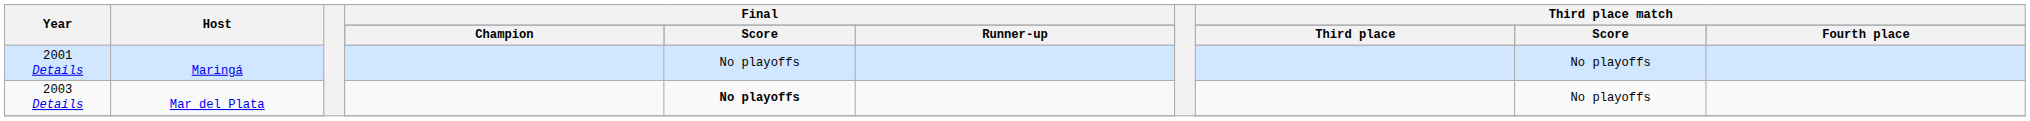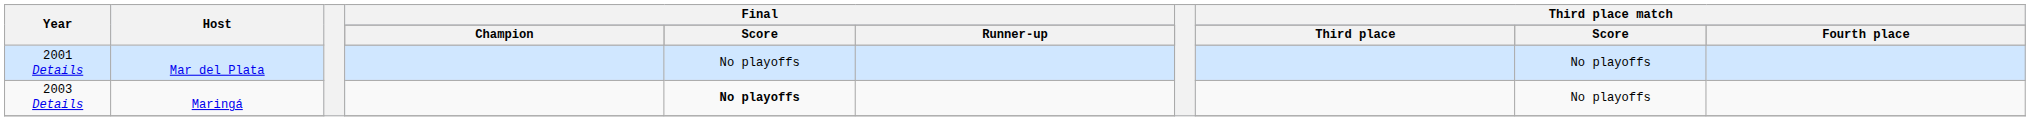 <table class="wikitable" style="font-size:90%; width: 98%; text-align: center;">
 <tr bgcolor=#C1D8FF>
 <th rowspan=2 width=5%>Year</th>
 <th rowspan=2 width=10%>Host</th>
 <th width=1% rowspan=100 bgcolor=ffffff></th>
 <th colspan=3>Final</th>
 <th width=1% rowspan=100 bgcolor=ffffff></th>
 <th colspan=3>Third place match</th>
 </tr>
 <tr bgcolor=FEF>
 <th width=15%>Champion</th>
 <th width=9%>Score</th>
 <th width=15%>Runner-up</th>
 <th width=15%>Third place</th>
 <th width=9%>Score</th>
 <th width=15%>Fourth place</th>
 </tr>
 <tr bgcolor=#D0E7FF>
 <td>2001<br><em><a href='#'>Details</a></em></td>
-<td><br><a href='#'>Maringá</a></td>
+<td><br><a href='#'>Mar del Plata</a></td>
 <td><strong></strong></td>
 <td><span>No playoffs</span></td>
 <td></td>
 <td></td>
 <td><span>No playoffs</span></td>
 <td></td>
 </tr>
 <tr>
 <td>2003<br><em><a href='#'>Details</a></em></td>
-<td><br><a href='#'>Mar del Plata</a></td>
+<td><br><a href='#'>Maringá</a></td>
 <td><strong></strong></td>
 <td><strong><span>No playoffs</span></strong></td>
 <td></td>
 <td></td>
 <td><span>No playoffs</span></td>
 <td></td>
 </tr>
 <tr>
 </tr>
 </table>
